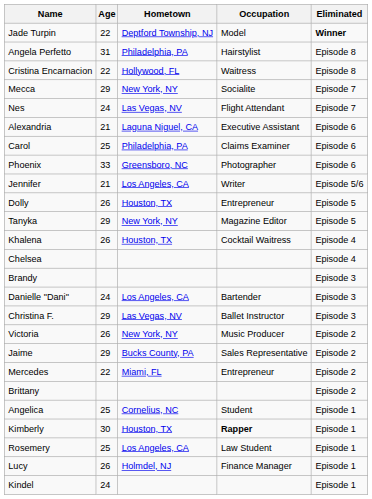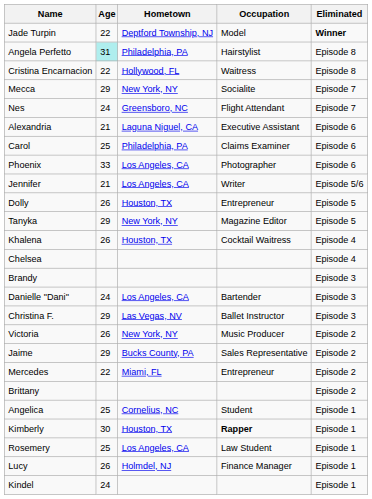 <table class="wikitable sortable jquery-tablesorter" style="font-size:14px;margin-right:0px;border-color:rgb(170,170,170);color:black;font-family:sans-serif;line-height:22.4px;">
 <tr>
 <th>Name</th>
 <th>Age</th>
 <th>Hometown</th>
 <th>Occupation</th>
 <th>Eliminated</th>
 </tr>
 <tr>
 <td style="padding-right:0.4em;padding-left:0.4em;"><span>Jade Turpin</span></td>
 <td style="padding-right:0.4em;padding-left:0.4em;">22</td>
 <td style="padding-right:0.4em;padding-left:0.4em;"><a href='#'>Deptford Township, NJ</a></td>
 <td style="padding-right:0.4em;padding-left:0.4em;">Model</td>
 <td style="padding-right:0.4em;padding-left:0.4em;"><strong>Winner</strong></td>
 </tr>
 <tr>
 <td style="padding-right:0.4em;padding-left:0.4em;">Angela Perfetto</td>
-<td style="padding-right:0.4em;padding-left:0.4em;">31</td>
+<td style="background: paleturquoise; padding-right:0.4em;padding-left:0.4em;">31</td>
 <td style="padding-right:0.4em;padding-left:0.4em;"><a href='#'>Philadelphia, PA</a></td>
 <td style="padding-right:0.4em;padding-left:0.4em;">Hairstylist</td>
 <td style="padding-right:0.4em;padding-left:0.4em;">Episode 8</td>
 </tr>
 <tr>
 <td style="padding-right:0.4em;padding-left:0.4em;"><span>Cristina Encarnacion</span></td>
 <td style="padding-right:0.4em;padding-left:0.4em;">22</td>
 <td style="padding-right:0.4em;padding-left:0.4em;"><a href='#'>Hollywood, FL</a></td>
 <td style="padding-right:0.4em;padding-left:0.4em;">Waitress</td>
 <td style="padding-right:0.4em;padding-left:0.4em;">Episode 8</td>
 </tr>
 <tr>
 <td style="padding-right:0.4em;padding-left:0.4em;">Mecca</td>
 <td style="padding-right:0.4em;padding-left:0.4em;">29</td>
 <td style="padding-right:0.4em;padding-left:0.4em;"><a href='#'>New York, NY</a></td>
 <td style="padding-right:0.4em;padding-left:0.4em;">Socialite</td>
 <td style="padding-right:0.4em;padding-left:0.4em;">Episode 7</td>
 </tr>
 <tr>
 <td style="padding-right:0.4em;padding-left:0.4em;">Nes</td>
 <td style="padding-right:0.4em;padding-left:0.4em;">24</td>
-<td style="padding-right:0.4em;padding-left:0.4em;"><a href='#'>Las Vegas, NV</a></td>
+<td style="padding-right:0.4em;padding-left:0.4em;"><a href='#'>Greensboro, NC</a></td>
 <td style="padding-right:0.4em;padding-left:0.4em;">Flight Attendant</td>
 <td style="padding-right:0.4em;padding-left:0.4em;">Episode 7</td>
 </tr>
 <tr>
 <td style="padding-right:0.4em;padding-left:0.4em;">Alexandria</td>
 <td style="padding-right:0.4em;padding-left:0.4em;">21</td>
 <td style="padding-right:0.4em;padding-left:0.4em;"><a href='#'>Laguna Niguel, CA</a></td>
 <td style="padding-right:0.4em;padding-left:0.4em;">Executive Assistant</td>
 <td style="padding-right:0.4em;padding-left:0.4em;">Episode 6</td>
 </tr>
 <tr>
 <td style="padding-right:0.4em;padding-left:0.4em;">Carol</td>
 <td style="padding-right:0.4em;padding-left:0.4em;">25</td>
 <td style="padding-right:0.4em;padding-left:0.4em;"><a href='#'>Philadelphia, PA</a></td>
 <td style="padding-right:0.4em;padding-left:0.4em;">Claims Examiner</td>
 <td style="padding-right:0.4em;padding-left:0.4em;">Episode 6</td>
 </tr>
 <tr>
 <td style="padding-right:0.4em;padding-left:0.4em;">Phoenix</td>
 <td style="padding-right:0.4em;padding-left:0.4em;">33</td>
-<td style="padding-right:0.4em;padding-left:0.4em;"><a href='#'>Greensboro, NC</a></td>
+<td style="padding-right:0.4em;padding-left:0.4em;"><a href='#'>Los Angeles, CA</a></td>
 <td style="padding-right:0.4em;padding-left:0.4em;">Photographer</td>
 <td style="padding-right:0.4em;padding-left:0.4em;">Episode 6</td>
 </tr>
 <tr>
 <td style="padding-right:0.4em;padding-left:0.4em;">Jennifer</td>
 <td style="padding-right:0.4em;padding-left:0.4em;">21</td>
 <td style="padding-right:0.4em;padding-left:0.4em;"><a href='#'>Los Angeles, CA</a></td>
 <td style="padding-right:0.4em;padding-left:0.4em;">Writer</td>
 <td style="padding-right:0.4em;padding-left:0.4em;">Episode 5/6</td>
 </tr>
 <tr>
 <td style="padding-right:0.4em;padding-left:0.4em;">Dolly</td>
 <td style="padding-right:0.4em;padding-left:0.4em;">26</td>
 <td style="padding-right:0.4em;padding-left:0.4em;"><a href='#'>Houston, TX</a></td>
 <td style="padding-right:0.4em;padding-left:0.4em;">Entrepreneur</td>
 <td style="padding-right:0.4em;padding-left:0.4em;">Episode 5</td>
 </tr>
 <tr>
 <td style="padding-right:0.4em;padding-left:0.4em;">Tanyka</td>
 <td style="padding-right:0.4em;padding-left:0.4em;">29</td>
 <td style="padding-right:0.4em;padding-left:0.4em;"><a href='#'>New York, NY</a></td>
 <td style="padding-right:0.4em;padding-left:0.4em;">Magazine Editor</td>
 <td style="padding-right:0.4em;padding-left:0.4em;">Episode 5</td>
 </tr>
 <tr>
 <td style="padding-right:0.4em;padding-left:0.4em;">Khalena</td>
 <td style="padding-right:0.4em;padding-left:0.4em;">26</td>
 <td style="padding-right:0.4em;padding-left:0.4em;"><a href='#'>Houston, TX</a></td>
 <td style="padding-right:0.4em;padding-left:0.4em;">Cocktail Waitress</td>
 <td style="padding-right:0.4em;padding-left:0.4em;">Episode 4</td>
 </tr>
 <tr>
 <td style="padding-right:0.4em;padding-left:0.4em;">Chelsea</td>
 <td style="padding-right:0.4em;padding-left:0.4em;"></td>
 <td style="padding-right:0.4em;padding-left:0.4em;"></td>
 <td style="padding-right:0.4em;padding-left:0.4em;"></td>
 <td style="padding-right:0.4em;padding-left:0.4em;">Episode 4</td>
 </tr>
 <tr>
 <td style="padding-right:0.4em;padding-left:0.4em;">Brandy</td>
 <td style="padding-right:0.4em;padding-left:0.4em;"></td>
 <td style="padding-right:0.4em;padding-left:0.4em;"></td>
 <td style="padding-right:0.4em;padding-left:0.4em;"></td>
 <td style="padding-right:0.4em;padding-left:0.4em;">Episode 3</td>
 </tr>
 <tr>
 <td style="padding-right:0.4em;padding-left:0.4em;">Danielle "Dani"</td>
 <td style="padding-right:0.4em;padding-left:0.4em;">24</td>
 <td style="padding-right:0.4em;padding-left:0.4em;"><a href='#'>Los Angeles, CA</a></td>
 <td style="padding-right:0.4em;padding-left:0.4em;">Bartender</td>
 <td style="padding-right:0.4em;padding-left:0.4em;">Episode 3</td>
 </tr>
 <tr>
 <td style="padding-right:0.4em;padding-left:0.4em;">Christina F.</td>
 <td style="padding-right:0.4em;padding-left:0.4em;">29</td>
 <td style="padding-right:0.4em;padding-left:0.4em;"><a href='#'>Las Vegas, NV</a></td>
 <td style="padding-right:0.4em;padding-left:0.4em;">Ballet Instructor</td>
 <td style="padding-right:0.4em;padding-left:0.4em;">Episode 3</td>
 </tr>
 <tr>
 <td style="padding-right:0.4em;padding-left:0.4em;">Victoria</td>
 <td style="padding-right:0.4em;padding-left:0.4em;">26</td>
 <td style="padding-right:0.4em;padding-left:0.4em;"><a href='#'>New York, NY</a></td>
 <td style="padding-right:0.4em;padding-left:0.4em;">Music Producer</td>
 <td style="padding-right:0.4em;padding-left:0.4em;">Episode 2</td>
 </tr>
 <tr>
 <td style="padding-right:0.4em;padding-left:0.4em;">Jaime</td>
 <td style="padding-right:0.4em;padding-left:0.4em;">29</td>
 <td style="padding-right:0.4em;padding-left:0.4em;"><a href='#'>Bucks County, PA</a></td>
 <td style="padding-right:0.4em;padding-left:0.4em;">Sales Representative</td>
 <td style="padding-right:0.4em;padding-left:0.4em;">Episode 2</td>
 </tr>
 <tr>
 <td style="padding-right:0.4em;padding-left:0.4em;">Mercedes</td>
 <td style="padding-right:0.4em;padding-left:0.4em;">22</td>
 <td style="padding-right:0.4em;padding-left:0.4em;"><a href='#'>Miami, FL</a></td>
 <td style="padding-right:0.4em;padding-left:0.4em;">Entrepreneur</td>
 <td style="padding-right:0.4em;padding-left:0.4em;">Episode 2</td>
 </tr>
 <tr>
 <td style="padding-right:0.4em;padding-left:0.4em;">Brittany</td>
 <td style="padding-right:0.4em;padding-left:0.4em;"></td>
 <td style="padding-right:0.4em;padding-left:0.4em;"></td>
 <td style="padding-right:0.4em;padding-left:0.4em;"></td>
 <td style="padding-right:0.4em;padding-left:0.4em;">Episode 2</td>
 </tr>
 <tr>
 <td style="padding-right:0.4em;padding-left:0.4em;">Angelica</td>
 <td style="padding-right:0.4em;padding-left:0.4em;">25</td>
 <td style="padding-right:0.4em;padding-left:0.4em;"><a href='#'>Cornelius, NC</a></td>
 <td style="padding-right:0.4em;padding-left:0.4em;">Student</td>
 <td style="padding-right:0.4em;padding-left:0.4em;">Episode 1</td>
 </tr>
 <tr>
 <td style="padding-right:0.4em;padding-left:0.4em;">Kimberly</td>
 <td style="padding-right:0.4em;padding-left:0.4em;">30</td>
 <td style="padding-right:0.4em;padding-left:0.4em;"><a href='#'>Houston, TX</a></td>
 <td style="padding-right:0.4em;padding-left:0.4em;"><strong>Rapper</strong></td>
 <td style="padding-right:0.4em;padding-left:0.4em;">Episode 1</td>
 </tr>
 <tr>
 <td style="padding-right:0.4em;padding-left:0.4em;">Rosemery</td>
 <td style="padding-right:0.4em;padding-left:0.4em;">25</td>
 <td style="padding-right:0.4em;padding-left:0.4em;"><a href='#'>Los Angeles, CA</a></td>
 <td style="padding-right:0.4em;padding-left:0.4em;">Law Student</td>
 <td style="padding-right:0.4em;padding-left:0.4em;">Episode 1</td>
 </tr>
 <tr>
 <td style="padding-right:0.4em;padding-left:0.4em;">Lucy</td>
 <td style="padding-right:0.4em;padding-left:0.4em;">26</td>
 <td style="padding-right:0.4em;padding-left:0.4em;"><a href='#'>Holmdel, NJ</a></td>
 <td style="padding-right:0.4em;padding-left:0.4em;">Finance Manager</td>
 <td style="padding-right:0.4em;padding-left:0.4em;">Episode 1</td>
 </tr>
 <tr>
 <td style="padding-right:0.4em;padding-left:0.4em;">Kindel</td>
 <td style="padding-right:0.4em;padding-left:0.4em;">24</td>
 <td style="padding-right:0.4em;padding-left:0.4em;"></td>
 <td style="padding-right:0.4em;padding-left:0.4em;"></td>
 <td style="padding-right:0.4em;padding-left:0.4em;">Episode 1</td>
 </tr>
 </table>
